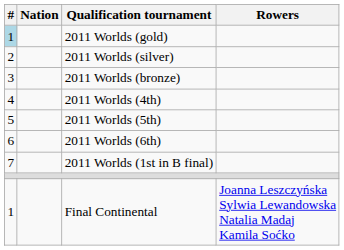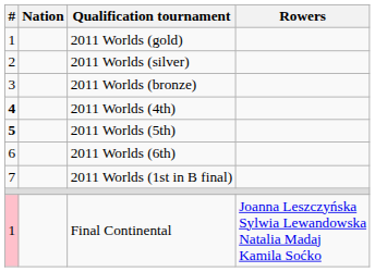 <table class="wikitable">
 <tr>
 <th>#</th>
 <th>Nation</th>
 <th>Qualification tournament</th>
 <th>Rowers</th>
 </tr>
 <tr>
-<td style="background: lightblue;">1</td>
+<td>1</td>
 <td></td>
 <td>2011 Worlds (gold)</td>
 <td></td>
 </tr>
 <tr>
 <td>2</td>
 <td></td>
 <td>2011 Worlds (silver)</td>
 <td></td>
 </tr>
 <tr>
 <td>3</td>
 <td></td>
 <td>2011 Worlds (bronze)</td>
 <td></td>
 </tr>
 <tr>
-<td>4</td>
+<td><strong>4</strong></td>
 <td></td>
 <td>2011 Worlds (4th)</td>
 <td></td>
 </tr>
 <tr>
-<td>5</td>
+<td><strong>5</strong></td>
 <td></td>
 <td>2011 Worlds (5th)</td>
 <td></td>
 </tr>
 <tr>
 <td>6</td>
 <td></td>
 <td>2011 Worlds (6th)</td>
 <td></td>
 </tr>
 <tr>
 <td>7</td>
 <td></td>
 <td>2011 Worlds (1st in B final)</td>
 <td></td>
 </tr>
 <tr bgcolor=#DDDDDD>
 <td colspan=4></td>
 </tr>
 <tr>
-<td>1</td>
+<td style="background: pink;">1</td>
 <td></td>
 <td>Final Continental</td>
 <td><a href='#'>Joanna Leszczyńska</a><br><a href='#'>Sylwia Lewandowska</a><br><a href='#'>Natalia Madaj</a><br><a href='#'>Kamila Soćko</a></td>
 </tr>
 </table>
